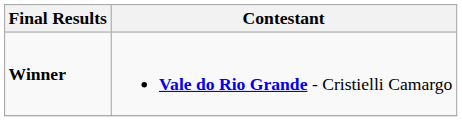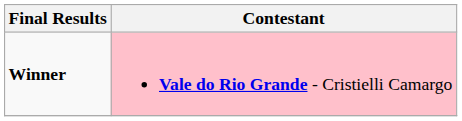 <table class="wikitable">
 <tr>
 <th>Final Results</th>
 <th>Contestant</th>
 </tr>
 <tr>
 <td><strong>Winner</strong></td>
-<td><br><ul><li><strong> <a href='#'>Vale do Rio Grande</a></strong> - Cristielli Camargo</li></ul></td>
+<td style="background: pink;"><br><ul><li><strong> <a href='#'>Vale do Rio Grande</a></strong> - Cristielli Camargo</li></ul></td>
 </tr>
 <tr>
 </tr>
 </table>
